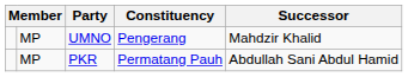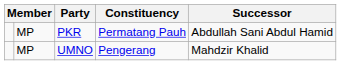 <table class="sortable wikitable">
 <tr>
 <th colspan="2" valign="top">Member</th>
 <th valign="top">Party</th>
 <th valign="top">Constituency</th>
 <th class="unsortable" valign="top">Successor</th>
 </tr>
 <tr>
 <td></td>
 <td> MP</td>
+<td><a href='#'>PKR</a></td>
+<td><a href='#'>Permatang Pauh</a></td>
+<td>Abdullah Sani Abdul Hamid</td>
+</tr>
+<tr>
+<td></td>
+<td> MP</td>
 <td><a href='#'>UMNO</a></td>
 <td><a href='#'>Pengerang</a></td>
 <td>Mahdzir Khalid</td>
 </tr>
-<tr>
-<td></td>
-<td> MP</td>
-<td><a href='#'>PKR</a></td>
-<td><a href='#'>Permatang Pauh</a></td>
-<td>Abdullah Sani Abdul Hamid</td>
-</tr>
 </table>
